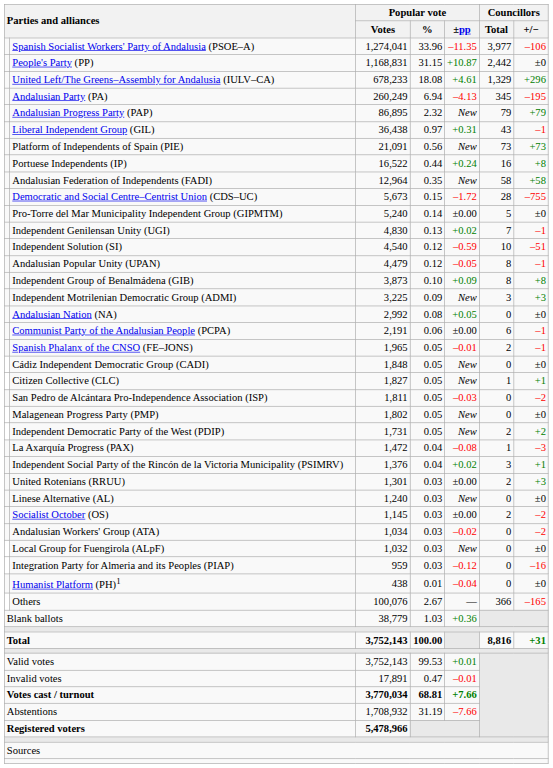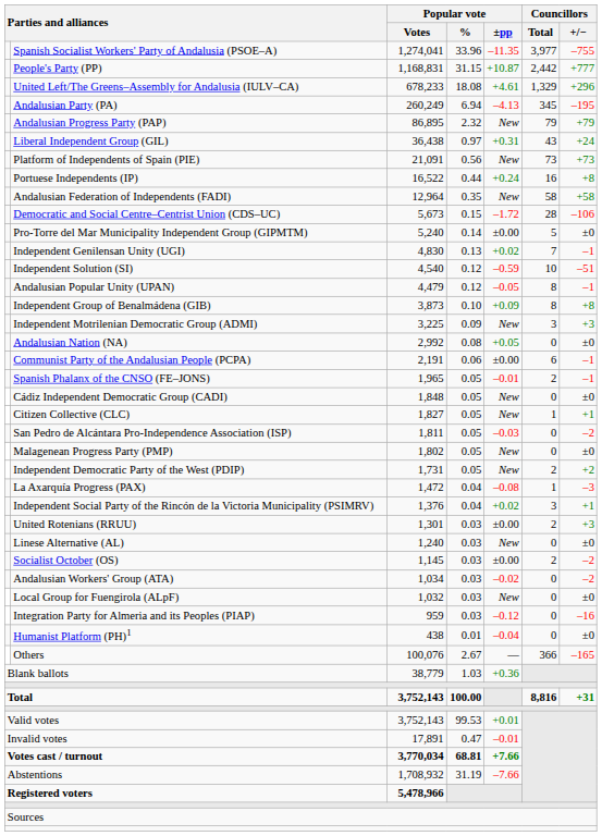 <table class="wikitable" style="text-align:right;">
 <tr>
 <th style="text-align:left;" rowspan="2" colspan="2" width="525">Parties and alliances</th>
 <th colspan="3">Popular vote</th>
 <th colspan="2">Councillors</th>
 </tr>
 <tr>
 <th width="75">Votes</th>
 <th width="45">%</th>
 <th width="45">±<a href='#'>pp</a></th>
 <th width="45">Total</th>
 <th width="45">+/−</th>
 </tr>
 <tr>
 <td width="1" style="color:inherit;background:"></td>
 <td align="left"><a href='#'>Spanish Socialist Workers' Party of Andalusia</a> (PSOE–A)</td>
 <td>1,274,041</td>
 <td>33.96</td>
 <td style="color:red;">–11.35</td>
 <td>3,977</td>
-<td style="color:red;">–106</td>
+<td style="color:red;">–755</td>
 </tr>
 <tr>
 <td style="color:inherit;background:"></td>
 <td align="left"><a href='#'>People's Party</a> (PP)</td>
 <td>1,168,831</td>
 <td>31.15</td>
 <td style="color:green;">+10.87</td>
 <td>2,442</td>
-<td>±0</td>
+<td style="color:green;">+777</td>
 </tr>
 <tr>
 <td style="color:inherit;background:"></td>
 <td align="left"><a href='#'>United Left/The Greens–Assembly for Andalusia</a> (IULV–CA)</td>
 <td>678,233</td>
 <td>18.08</td>
 <td style="color:green;">+4.61</td>
 <td>1,329</td>
 <td style="color:green;">+296</td>
 </tr>
 <tr>
 <td style="color:inherit;background:"></td>
 <td align="left"><a href='#'>Andalusian Party</a> (PA)</td>
 <td>260,249</td>
 <td>6.94</td>
 <td style="color:red;">–4.13</td>
 <td>345</td>
 <td style="color:red;">–195</td>
 </tr>
 <tr>
 <td style="color:inherit;background:"></td>
 <td align="left"><a href='#'>Andalusian Progress Party</a> (PAP)</td>
 <td>86,895</td>
 <td>2.32</td>
 <td><em>New</em></td>
 <td>79</td>
 <td style="color:green;">+79</td>
 </tr>
 <tr>
 <td style="color:inherit;background:"></td>
 <td align="left"><a href='#'>Liberal Independent Group</a> (GIL)</td>
 <td>36,438</td>
 <td>0.97</td>
 <td style="color:green;">+0.31</td>
 <td>43</td>
-<td style="color:red;">–1</td>
+<td style="color:green;">+24</td>
 </tr>
 <tr>
 <td style="color:inherit;background:"></td>
 <td align="left">Platform of Independents of Spain (PIE)</td>
 <td>21,091</td>
 <td>0.56</td>
 <td><em>New</em></td>
 <td>73</td>
 <td style="color:green;">+73</td>
 </tr>
 <tr>
 <td style="color:inherit;background:"></td>
 <td align="left">Portuese Independents (IP)</td>
 <td>16,522</td>
 <td>0.44</td>
 <td style="color:green;">+0.24</td>
 <td>16</td>
 <td style="color:green;">+8</td>
 </tr>
 <tr>
 <td style="color:inherit;background:"></td>
 <td align="left">Andalusian Federation of Independents (FADI)</td>
 <td>12,964</td>
 <td>0.35</td>
 <td><em>New</em></td>
 <td>58</td>
 <td style="color:green;">+58</td>
 </tr>
 <tr>
 <td style="color:inherit;background:"></td>
 <td align="left"><a href='#'>Democratic and Social Centre–Centrist Union</a> (CDS–UC)</td>
 <td>5,673</td>
 <td>0.15</td>
 <td style="color:red;">–1.72</td>
 <td>28</td>
-<td style="color:red;">–755</td>
+<td style="color:red;">–106</td>
 </tr>
 <tr>
 <td style="color:inherit;background:"></td>
 <td align="left">Pro-Torre del Mar Municipality Independent Group (GIPMTM)</td>
 <td>5,240</td>
 <td>0.14</td>
 <td>±0.00</td>
 <td>5</td>
 <td>±0</td>
 </tr>
 <tr>
 <td style="color:inherit;background:"></td>
 <td align="left">Independent Genilensan Unity (UGI)</td>
 <td>4,830</td>
 <td>0.13</td>
 <td style="color:green;">+0.02</td>
 <td>7</td>
 <td style="color:red;">–1</td>
 </tr>
 <tr>
 <td style="color:inherit;background:"></td>
 <td align="left">Independent Solution (SI)</td>
 <td>4,540</td>
 <td>0.12</td>
 <td style="color:red;">–0.59</td>
 <td>10</td>
 <td style="color:red;">–51</td>
 </tr>
 <tr>
 <td style="color:inherit;background:"></td>
 <td align="left">Andalusian Popular Unity (UPAN)</td>
 <td>4,479</td>
 <td>0.12</td>
 <td style="color:red;">–0.05</td>
 <td>8</td>
 <td style="color:red;">–1</td>
 </tr>
 <tr>
 <td style="color:inherit;background:"></td>
 <td align="left">Independent Group of Benalmádena (GIB)</td>
 <td>3,873</td>
 <td>0.10</td>
 <td style="color:green;">+0.09</td>
 <td>8</td>
 <td style="color:green;">+8</td>
 </tr>
 <tr>
 <td style="color:inherit;background:"></td>
 <td align="left">Independent Motrilenian Democratic Group (ADMI)</td>
 <td>3,225</td>
 <td>0.09</td>
 <td><em>New</em></td>
 <td>3</td>
 <td style="color:green;">+3</td>
 </tr>
 <tr>
 <td style="color:inherit;background:"></td>
 <td align="left"><a href='#'>Andalusian Nation</a> (NA)</td>
 <td>2,992</td>
 <td>0.08</td>
 <td style="color:green;">+0.05</td>
 <td>0</td>
 <td>±0</td>
 </tr>
 <tr>
 <td style="color:inherit;background:"></td>
 <td align="left"><a href='#'>Communist Party of the Andalusian People</a> (PCPA)</td>
 <td>2,191</td>
 <td>0.06</td>
 <td>±0.00</td>
 <td>6</td>
 <td style="color:red;">–1</td>
 </tr>
 <tr>
 <td style="color:inherit;background:"></td>
 <td align="left"><a href='#'>Spanish Phalanx of the CNSO</a> (FE–JONS)</td>
 <td>1,965</td>
 <td>0.05</td>
 <td style="color:red;">–0.01</td>
 <td>2</td>
 <td style="color:red;">–1</td>
 </tr>
 <tr>
 <td bgcolor="white"></td>
 <td align="left">Cádiz Independent Democratic Group (CADI)</td>
 <td>1,848</td>
 <td>0.05</td>
 <td><em>New</em></td>
 <td>0</td>
 <td>±0</td>
 </tr>
 <tr>
 <td bgcolor="white"></td>
 <td align="left">Citizen Collective (CLC)</td>
 <td>1,827</td>
 <td>0.05</td>
 <td><em>New</em></td>
 <td>1</td>
 <td style="color:green;">+1</td>
 </tr>
 <tr>
 <td style="color:inherit;background:"></td>
 <td align="left">San Pedro de Alcántara Pro-Independence Association (ISP)</td>
 <td>1,811</td>
 <td>0.05</td>
 <td style="color:red;">–0.03</td>
 <td>0</td>
 <td style="color:red;">–2</td>
 </tr>
 <tr>
 <td bgcolor="white"></td>
 <td align="left">Malagenean Progress Party (PMP)</td>
 <td>1,802</td>
 <td>0.05</td>
 <td><em>New</em></td>
 <td>0</td>
 <td>±0</td>
 </tr>
 <tr>
 <td bgcolor="white"></td>
 <td align="left">Independent Democratic Party of the West (PDIP)</td>
 <td>1,731</td>
 <td>0.05</td>
 <td><em>New</em></td>
 <td>2</td>
 <td style="color:green;">+2</td>
 </tr>
 <tr>
 <td style="color:inherit;background:"></td>
 <td align="left">La Axarquía Progress (PAX)</td>
 <td>1,472</td>
 <td>0.04</td>
 <td style="color:red;">–0.08</td>
 <td>1</td>
 <td style="color:red;">–3</td>
 </tr>
 <tr>
 <td style="color:inherit;background:"></td>
 <td align="left">Independent Social Party of the Rincón de la Victoria Municipality (PSIMRV)</td>
 <td>1,376</td>
 <td>0.04</td>
 <td style="color:green;">+0.02</td>
 <td>3</td>
 <td style="color:green;">+1</td>
 </tr>
 <tr>
 <td style="color:inherit;background:"></td>
 <td align="left">United Rotenians (RRUU)</td>
 <td>1,301</td>
 <td>0.03</td>
 <td>±0.00</td>
 <td>2</td>
 <td style="color:green;">+3</td>
 </tr>
 <tr>
 <td style="color:inherit;background:"></td>
 <td align="left">Linese Alternative (AL)</td>
 <td>1,240</td>
 <td>0.03</td>
 <td><em>New</em></td>
 <td>0</td>
 <td>±0</td>
 </tr>
 <tr>
 <td style="color:inherit;background:"></td>
 <td align="left"><a href='#'>Socialist October</a> (OS)</td>
 <td>1,145</td>
 <td>0.03</td>
 <td>±0.00</td>
 <td>2</td>
 <td style="color:red;">–2</td>
 </tr>
 <tr>
 <td style="color:inherit;background:"></td>
 <td align="left">Andalusian Workers' Group (ATA)</td>
 <td>1,034</td>
 <td>0.03</td>
 <td style="color:red;">–0.02</td>
 <td>0</td>
 <td style="color:red;">–2</td>
 </tr>
 <tr>
 <td bgcolor="white"></td>
 <td align="left">Local Group for Fuengirola (ALpF)</td>
 <td>1,032</td>
 <td>0.03</td>
 <td><em>New</em></td>
 <td>0</td>
 <td>±0</td>
 </tr>
 <tr>
 <td bgcolor="white"></td>
 <td align="left">Integration Party for Almeria and its Peoples (PIAP)</td>
 <td>959</td>
 <td>0.03</td>
 <td style="color:red;">–0.12</td>
 <td>0</td>
 <td style="color:red;">–16</td>
 </tr>
 <tr>
 <td style="color:inherit;background:"></td>
 <td align="left"><a href='#'>Humanist Platform</a> (PH)<sup>1</sup></td>
 <td>438</td>
 <td>0.01</td>
 <td style="color:red;">–0.04</td>
 <td>0</td>
 <td>±0</td>
 </tr>
 <tr>
 <td bgcolor="white"></td>
 <td align="left">Others</td>
 <td>100,076</td>
 <td>2.67</td>
 <td>—</td>
 <td>366</td>
 <td style="color:red;">–165</td>
 </tr>
 <tr>
 <td align="left" colspan="2">Blank ballots</td>
 <td>38,779</td>
 <td>1.03</td>
 <td style="color:green;">+0.36</td>
 <td bgcolor="#E9E9E9" colspan="2"></td>
 </tr>
 <tr>
 <td colspan="7" bgcolor="#E9E9E9"></td>
 </tr>
 <tr style="font-weight:bold;">
 <td align="left" colspan="2">Total</td>
 <td>3,752,143</td>
 <td>100.00</td>
 <td bgcolor="#E9E9E9"></td>
 <td>8,816</td>
 <td style="color:green;">+31</td>
 </tr>
 <tr>
 <td colspan="7" bgcolor="#E9E9E9"></td>
 </tr>
 <tr>
 <td align="left" colspan="2">Valid votes</td>
 <td>3,752,143</td>
 <td>99.53</td>
 <td style="color:green;">+0.01</td>
 <td bgcolor="#E9E9E9" colspan="2" rowspan="5"></td>
 </tr>
 <tr>
 <td align="left" colspan="2">Invalid votes</td>
 <td>17,891</td>
 <td>0.47</td>
 <td style="color:red;">–0.01</td>
 </tr>
 <tr style="font-weight:bold;">
 <td align="left" colspan="2">Votes cast / turnout</td>
 <td>3,770,034</td>
 <td>68.81</td>
 <td style="color:green;">+7.66</td>
 </tr>
 <tr>
 <td align="left" colspan="2">Abstentions</td>
 <td>1,708,932</td>
 <td>31.19</td>
 <td style="color:red;">–7.66</td>
 </tr>
 <tr style="font-weight:bold;">
 <td align="left" colspan="2">Registered voters</td>
 <td>5,478,966</td>
 <td bgcolor="#E9E9E9" colspan="2"></td>
 </tr>
 <tr>
 <td colspan="7" bgcolor="#E9E9E9"></td>
 </tr>
 <tr>
 <td align="left" colspan="7">Sources</td>
 </tr>
 <tr>
 <td colspan="7" style="text-align:left; max-width:790px;"></td>
 </tr>
 </table>
